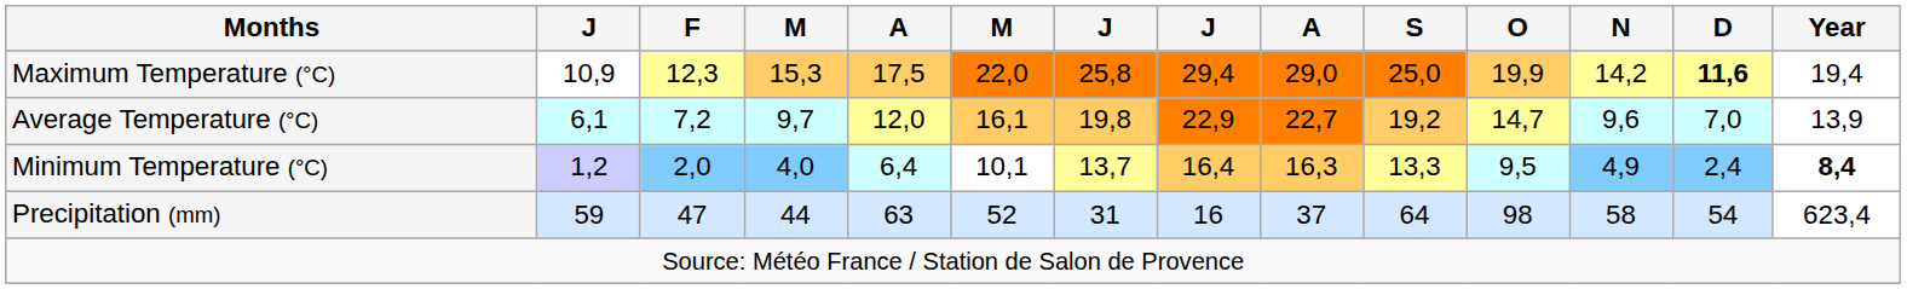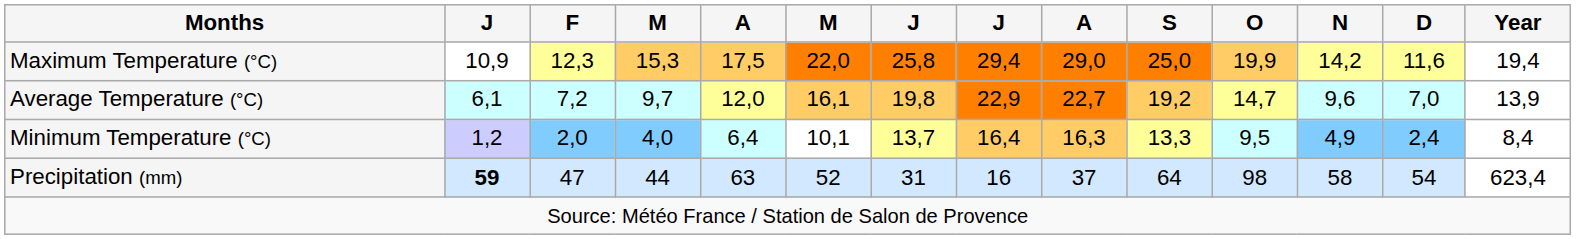 <table class="wikitable" style="font-size:90%;width:80%;border:0px;text-align:center;line-height:120%;">
 <tr>
 <th height="17" style="background: #F5F5F5; color: #000000">Months</th>
 <th style="background: #F5F5F5; color:#000000;">J</th>
 <th style="background: #F5F5F5; color:#000000;">F</th>
 <th style="background: #F5F5F5; color:#000000;">M</th>
 <th style="background: #F5F5F5; color:#000000;">A</th>
 <th style="background: #F5F5F5; color:#000000;">M</th>
 <th style="background: #F5F5F5; color:#000000;">J</th>
 <th style="background: #F5F5F5; color:#000000;">J</th>
 <th style="background: #F5F5F5; color:#000000;">A</th>
 <th style="background: #F5F5F5; color:#000000;">S</th>
 <th style="background: #F5F5F5; color:#000000;">O</th>
 <th style="background: #F5F5F5; color:#000000;">N</th>
 <th style="background: #F5F5F5; color:#000000;">D</th>
 <th style="background: #F5F5F5; color:#000000;">Year</th>
 </tr>
 <tr>
 <td style="background: #F5F5F5; color:#000000; text-align:left;">Maximum Temperature <small>(°C)</small></td>
 <td style="background: #FFFFFF; color:#000000;">10,9</td>
 <td style="background: #FFFF99; color:#000000;">12,3</td>
 <td style="background: #FFCC66; color:#000000;">15,3</td>
 <td style="background: #FFCC66; color:#000000;">17,5</td>
 <td style="background: #FF8000; color:#000000;">22,0</td>
 <td style="background: #FF8000; color:#000000;">25,8</td>
 <td style="background: #FF8000; color:#000000;">29,4</td>
 <td style="background: #FF8000; color:#000000;">29,0</td>
 <td style="background: #FF8000; color:#000000;">25,0</td>
 <td style="background: #FFCC66; color:#000000;">19,9</td>
 <td style="background: #FFFF99; color:#000000;">14,2</td>
-<td style="background: #FFFF99; color:#000000;"><strong>11,6</strong></td>
+<td style="background: #FFFF99; color:#000000;">11,6</td>
 <td style="background: #FFFFFF; color:#000000;">19,4</td>
 </tr>
 <tr>
 <td style="background: #F5F5F5; color:#000000; text-align:left;">Average Temperature <small>(°C)</small></td>
 <td style="background: #CCFFFF; color:#000000;">6,1</td>
 <td style="background: #CCFFFF; color:#000000;">7,2</td>
 <td style="background: #CCFFFF; color:#000000;">9,7</td>
 <td style="background: #FFFF99; color:#000000;">12,0</td>
 <td style="background: #FFCC66; color:#000000;">16,1</td>
 <td style="background: #FFCC66; color:#000000;">19,8</td>
 <td style="background: #FF8000; color:#000000;">22,9</td>
 <td style="background: #FF8000; color:#000000;">22,7</td>
 <td style="background: #FFCC66; color:#000000;">19,2</td>
 <td style="background: #FFFF99; color:#000000;">14,7</td>
 <td style="background: #CCFFFF; color:#000000;">9,6</td>
 <td style="background: #CCFFFF; color:#000000;">7,0</td>
 <td style="background: #FFFFFF; color:#000000;">13,9</td>
 </tr>
 <tr>
 <td style="background: #F5F5F5; color:#000000; text-align:left;">Minimum Temperature <small>(°C)</small></td>
 <td style="background: #CCCCFF; color:#000000;">1,2</td>
 <td style="background: #80CCFF; color:#000000;">2,0</td>
 <td style="background: #80CCFF; color:#000000;">4,0</td>
 <td style="background: #CCFFFF; color:#000000;">6,4</td>
 <td style="background: #FFFFFF; color:#000000;">10,1</td>
 <td style="background: #FFFF99; color:#000000;">13,7</td>
 <td style="background: #FFCC66; color:#000000;">16,4</td>
 <td style="background: #FFCC66; color:#000000;">16,3</td>
 <td style="background: #FFFF99; color:#000000;">13,3</td>
 <td style="background: #CCFFFF; color:#000000;">9,5</td>
 <td style="background: #80CCFF; color:#000000;">4,9</td>
 <td style="background: #80CCFF; color:#000000;">2,4</td>
-<td style="background: #FFFFFF; color:#000000;"><strong>8,4</strong></td>
+<td style="background: #FFFFFF; color:#000000;">8,4</td>
 </tr>
 <tr>
 <td style="background: #F5F5F5; color:#000000; text-align:left;">Precipitation <small>(mm)</small></td>
-<td style="background: #D1E8FF; color:#000000;">59</td>
+<td style="background: #D1E8FF; color:#000000;"><strong>59</strong></td>
 <td style="background: #D1E8FF; color:#000000;">47</td>
 <td style="background: #D1E8FF; color:#000000;">44</td>
 <td style="background: #D1E8FF; color:#000000;">63</td>
 <td style="background: #D1E8FF; color:#000000;">52</td>
 <td style="background: #D1E8FF; color:#000000;">31</td>
 <td style="background: #D1E8FF; color:#000000;">16</td>
 <td style="background: #D1E8FF; color:#000000;">37</td>
 <td style="background: #D1E8FF; color:#000000;">64</td>
 <td style="background: #D1E8FF; color:#000000;">98</td>
 <td style="background: #D1E8FF; color:#000000;">58</td>
 <td style="background: #D1E8FF; color:#000000;">54</td>
 <td style="background: #FFFFFF; color:#000000;">623,4</td>
 </tr>
 <tr>
 <td colspan="14" style="text-align:center;font-size:90%;">Source: Météo France / Station de Salon de Provence</td>
 </tr>
 </table>
